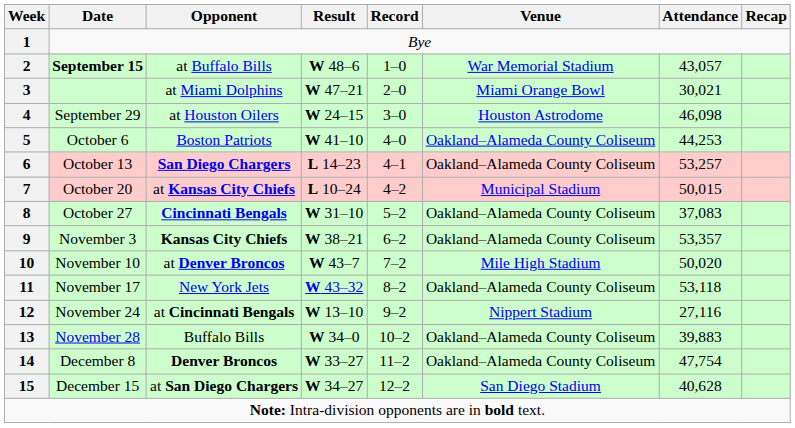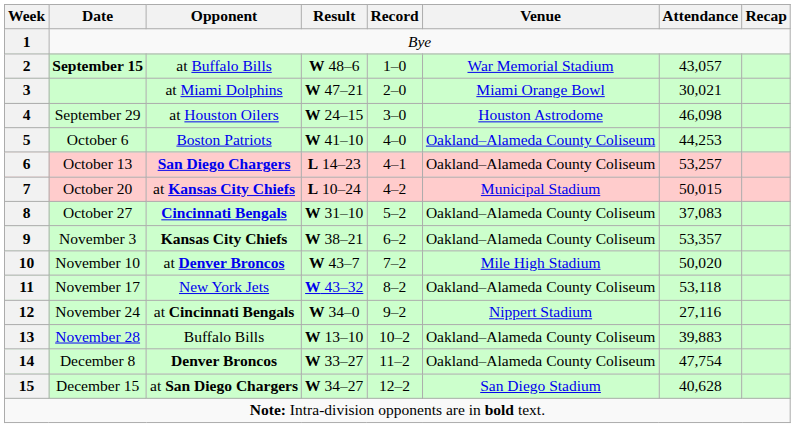 <table class="wikitable" style="text-align:center">
 <tr>
 <th>Week</th>
 <th>Date</th>
 <th>Opponent</th>
 <th>Result</th>
 <th>Record</th>
 <th>Venue</th>
 <th>Attendance</th>
 <th>Recap</th>
 </tr>
 <tr>
 <th>1</th>
 <td colspan="7" align="center"><em>Bye</em></td>
 </tr>
 <tr style="background: #cfc;">
 <th>2</th>
 <td><strong>September 15</strong></td>
 <td>at <a href='#'>Buffalo Bills</a></td>
 <td><strong>W</strong> 48–6</td>
 <td>1–0</td>
 <td><a href='#'>War Memorial Stadium</a></td>
 <td>43,057</td>
 <td></td>
 </tr>
 <tr style="background: #cfc;">
 <th>3</th>
 <td></td>
 <td>at <a href='#'>Miami Dolphins</a></td>
 <td><strong>W</strong> 47–21</td>
 <td>2–0</td>
 <td><a href='#'>Miami Orange Bowl</a></td>
 <td>30,021</td>
 <td></td>
 </tr>
 <tr style="background: #cfc;">
 <th>4</th>
 <td>September 29</td>
 <td>at <a href='#'>Houston Oilers</a></td>
 <td><strong>W</strong> 24–15</td>
 <td>3–0</td>
 <td><a href='#'>Houston Astrodome</a></td>
 <td>46,098</td>
 <td></td>
 </tr>
 <tr style="background: #cfc;">
 <th>5</th>
 <td>October 6</td>
 <td><a href='#'>Boston Patriots</a></td>
 <td><strong>W</strong> 41–10</td>
 <td>4–0</td>
 <td><a href='#'>Oakland–Alameda County Coliseum</a></td>
 <td>44,253</td>
 <td></td>
 </tr>
 <tr style="background: #fcc;">
 <th>6</th>
 <td>October 13</td>
 <td><strong><a href='#'>San Diego Chargers</a></strong></td>
 <td><strong>L</strong> 14–23</td>
 <td>4–1</td>
 <td>Oakland–Alameda County Coliseum</td>
 <td>53,257</td>
 <td></td>
 </tr>
 <tr style="background: #fcc;">
 <th>7</th>
 <td>October 20</td>
 <td>at <strong><a href='#'>Kansas City Chiefs</a></strong></td>
 <td><strong>L</strong> 10–24</td>
 <td>4–2</td>
 <td><a href='#'>Municipal Stadium</a></td>
 <td>50,015</td>
 <td></td>
 </tr>
 <tr style="background: #cfc;">
 <th>8</th>
 <td>October 27</td>
 <td><strong><a href='#'>Cincinnati Bengals</a></strong></td>
 <td><strong>W</strong> 31–10</td>
 <td>5–2</td>
 <td>Oakland–Alameda County Coliseum</td>
 <td>37,083</td>
 <td></td>
 </tr>
 <tr style="background: #cfc;">
 <th>9</th>
 <td>November 3</td>
 <td><strong>Kansas City Chiefs</strong></td>
 <td><strong>W</strong> 38–21</td>
 <td>6–2</td>
 <td>Oakland–Alameda County Coliseum</td>
 <td>53,357</td>
 <td></td>
 </tr>
 <tr style="background: #cfc;">
 <th>10</th>
 <td>November 10</td>
 <td>at <strong><a href='#'>Denver Broncos</a></strong></td>
 <td><strong>W</strong> 43–7</td>
 <td>7–2</td>
 <td><a href='#'>Mile High Stadium</a></td>
 <td>50,020</td>
 <td></td>
 </tr>
 <tr style="background: #cfc;">
 <th>11</th>
 <td>November 17</td>
 <td><a href='#'>New York Jets</a></td>
 <td><a href='#'><strong>W</strong> 43–32</a></td>
 <td>8–2</td>
 <td>Oakland–Alameda County Coliseum</td>
 <td>53,118</td>
 <td></td>
 </tr>
 <tr style="background: #cfc;">
 <th>12</th>
 <td>November 24</td>
 <td>at <strong>Cincinnati Bengals</strong></td>
-<td><strong>W</strong> 13–10</td>
+<td><strong>W</strong> 34–0</td>
 <td>9–2</td>
 <td><a href='#'>Nippert Stadium</a></td>
 <td>27,116</td>
 <td></td>
 </tr>
 <tr style="background: #cfc;">
 <th>13</th>
 <td><a href='#'>November 28</a></td>
 <td>Buffalo Bills</td>
-<td><strong>W</strong> 34–0</td>
+<td><strong>W</strong> 13–10</td>
 <td>10–2</td>
 <td>Oakland–Alameda County Coliseum</td>
 <td>39,883</td>
 <td></td>
 </tr>
 <tr style="background: #cfc;">
 <th>14</th>
 <td>December 8</td>
 <td><strong>Denver Broncos</strong></td>
 <td><strong>W</strong> 33–27</td>
 <td>11–2</td>
 <td>Oakland–Alameda County Coliseum</td>
 <td>47,754</td>
 <td></td>
 </tr>
 <tr style="background: #cfc;">
 <th>15</th>
 <td>December 15</td>
 <td>at <strong>San Diego Chargers</strong></td>
 <td><strong>W</strong> 34–27</td>
 <td>12–2</td>
 <td><a href='#'>San Diego Stadium</a></td>
 <td>40,628</td>
 <td></td>
 </tr>
 <tr>
 <td colspan="8"><strong>Note:</strong> Intra-division opponents are in <strong>bold</strong> text.</td>
 </tr>
 </table>
